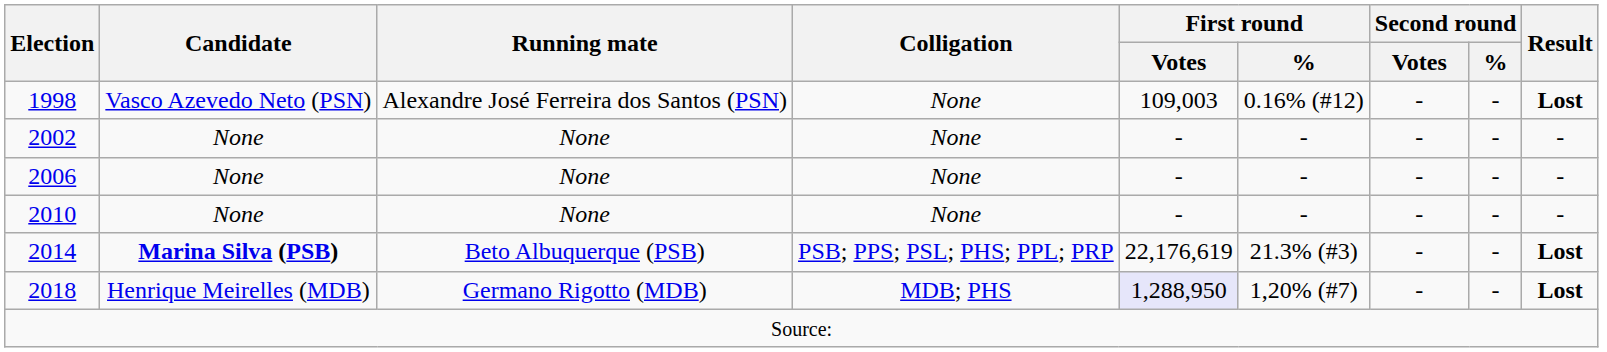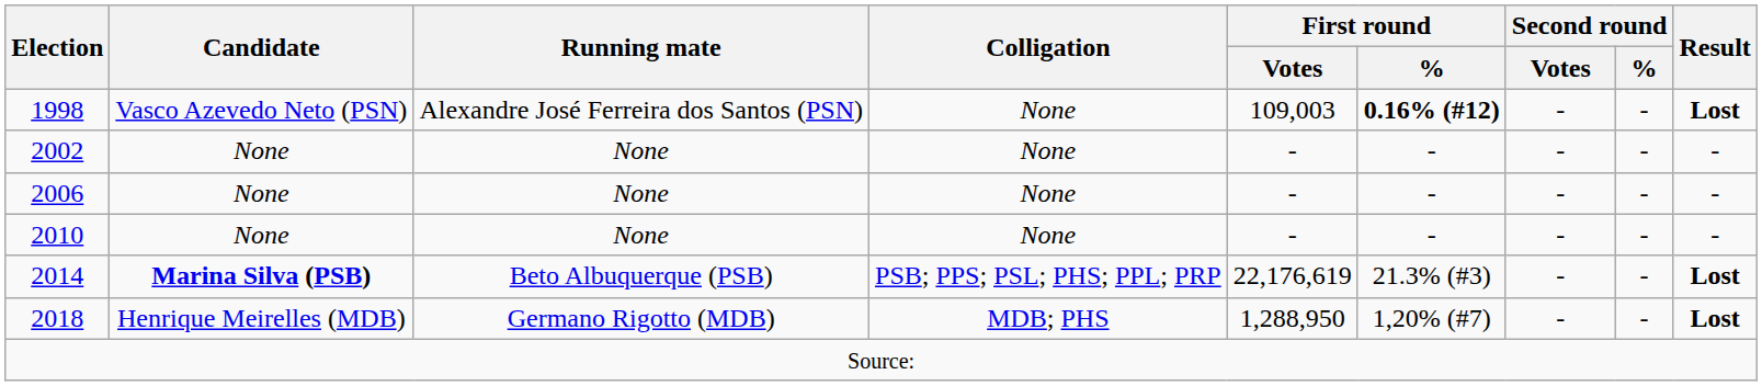 <table class="wikitable" style="text-align:center">
 <tr>
 <th rowspan="2">Election</th>
 <th rowspan="2">Candidate</th>
 <th rowspan="2"><strong>Running mate</strong></th>
 <th rowspan="2">Colligation</th>
 <th colspan="2">First round</th>
 <th colspan="2">Second round</th>
 <th rowspan="2"><strong>Result</strong></th>
 </tr>
 <tr>
 <th><strong>Votes</strong></th>
 <th><strong>%</strong></th>
 <th><strong>Votes</strong></th>
 <th><strong>%</strong></th>
 </tr>
 <tr>
 <td><a href='#'>1998</a></td>
 <td><a href='#'>Vasco Azevedo Neto</a> (<a href='#'>PSN</a>)</td>
 <td>Alexandre José Ferreira dos Santos (<a href='#'>PSN</a>)</td>
 <td><em>None</em></td>
 <td>109,003</td>
-<td>0.16% (#12)</td>
+<td><strong>0.16% (#12)</strong></td>
 <td>-</td>
 <td>-</td>
 <td><strong>Lost</strong> </td>
 </tr>
 <tr>
 <td><a href='#'>2002</a></td>
 <td><em>None</em></td>
 <td><em>None</em></td>
 <td><em>None</em></td>
 <td>-</td>
 <td>-</td>
 <td>-</td>
 <td>-</td>
 <td>-</td>
 </tr>
 <tr>
 <td><a href='#'>2006</a></td>
 <td><em>None</em></td>
 <td><em>None</em></td>
 <td><em>None</em></td>
 <td>-</td>
 <td>-</td>
 <td>-</td>
 <td>-</td>
 <td>-</td>
 </tr>
 <tr>
 <td><a href='#'>2010</a></td>
 <td><em>None</em></td>
 <td><em>None</em></td>
 <td><em>None</em></td>
 <td>-</td>
 <td>-</td>
 <td>-</td>
 <td>-</td>
 <td>-</td>
 </tr>
 <tr>
 <td><a href='#'>2014</a></td>
 <td><strong><a href='#'>Marina Silva</a> (<a href='#'>PSB</a>)</strong></td>
 <td><a href='#'>Beto Albuquerque</a> (<a href='#'>PSB</a>)</td>
 <td><a href='#'>PSB</a>; <a href='#'>PPS</a>; <a href='#'>PSL</a>; <a href='#'>PHS</a>; <a href='#'>PPL</a>; <a href='#'>PRP</a></td>
 <td>22,176,619</td>
 <td>21.3% (#3)</td>
 <td>-</td>
 <td>-</td>
 <td><strong>Lost</strong> </td>
 </tr>
 <tr>
 <td><a href='#'>2018</a></td>
 <td><a href='#'>Henrique Meirelles</a> (<a href='#'>MDB</a>)</td>
 <td><a href='#'>Germano Rigotto</a> (<a href='#'>MDB</a>)</td>
 <td><a href='#'>MDB</a>; <a href='#'>PHS</a></td>
-<td style="background: lavender;">1,288,950</td>
+<td>1,288,950</td>
 <td>1,20% (#7)</td>
 <td>-</td>
 <td>-</td>
 <td><strong>Lost</strong> </td>
 </tr>
 <tr>
 <td colspan="9"><small>Source: </small></td>
 </tr>
 </table>
